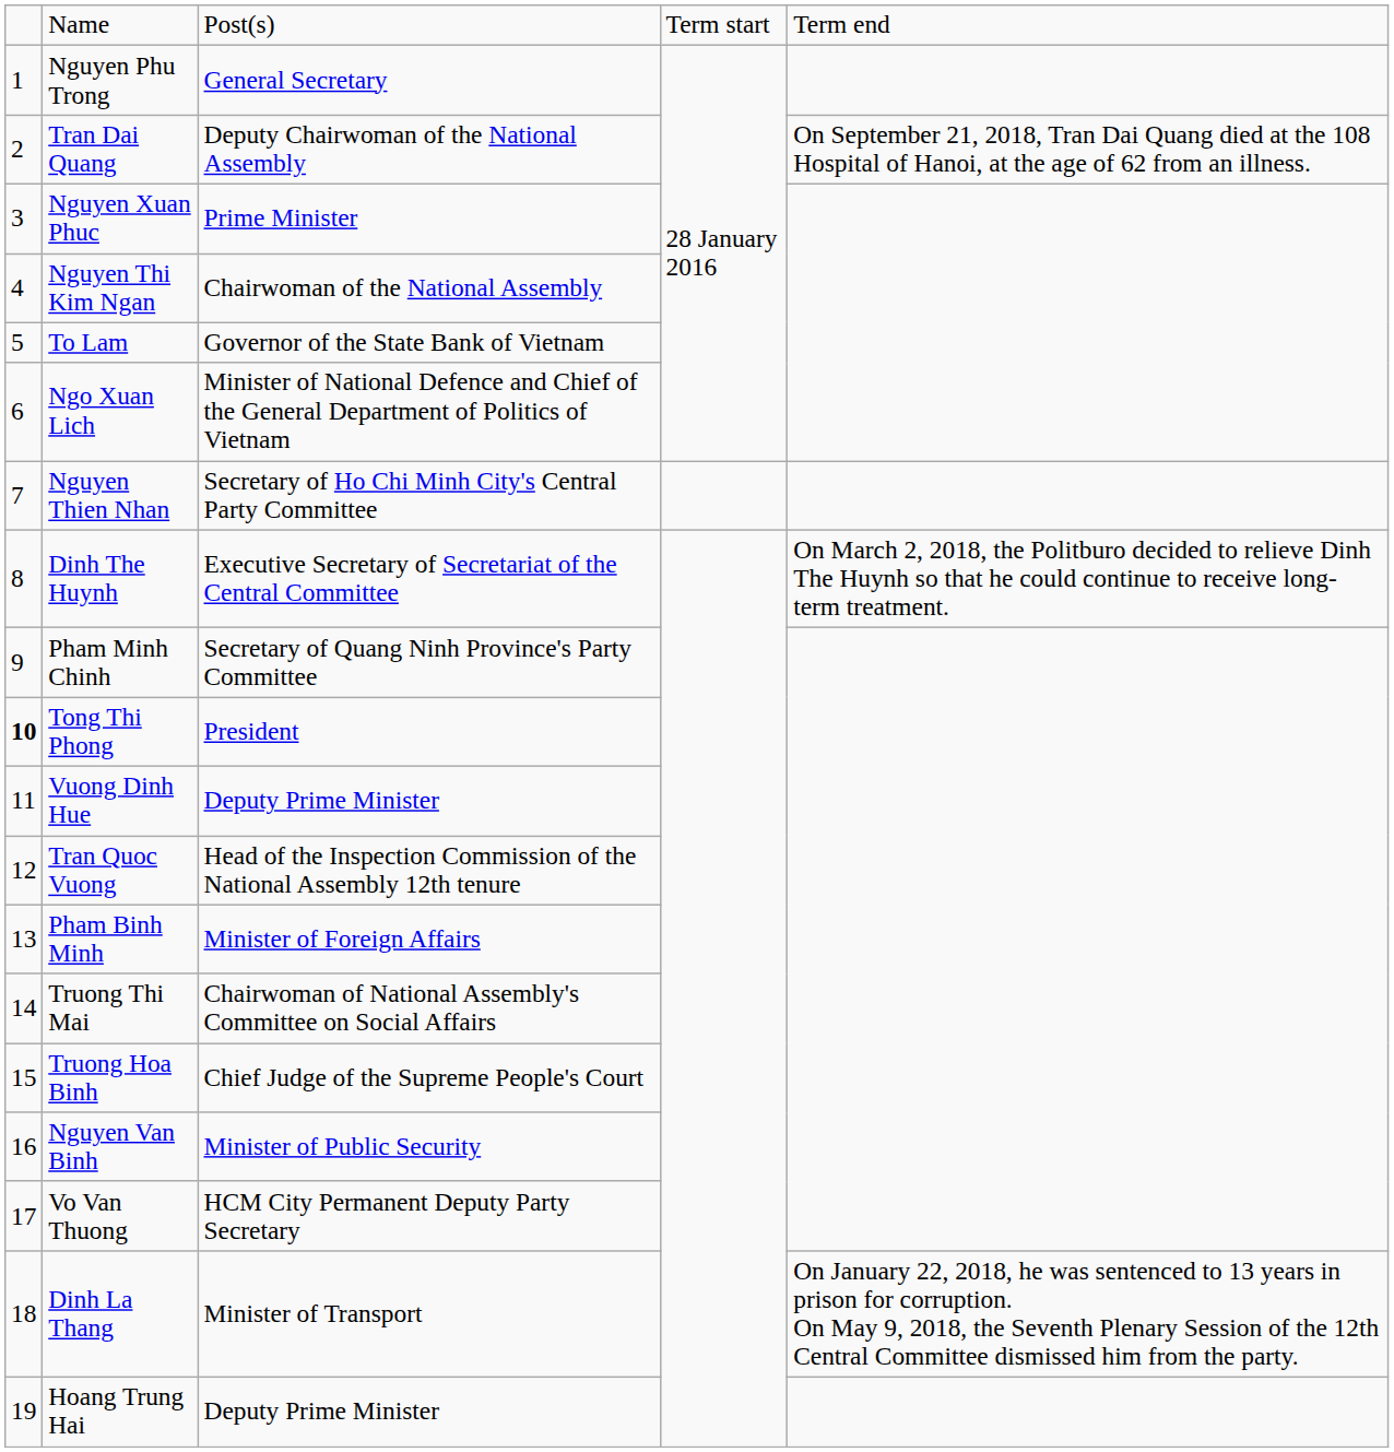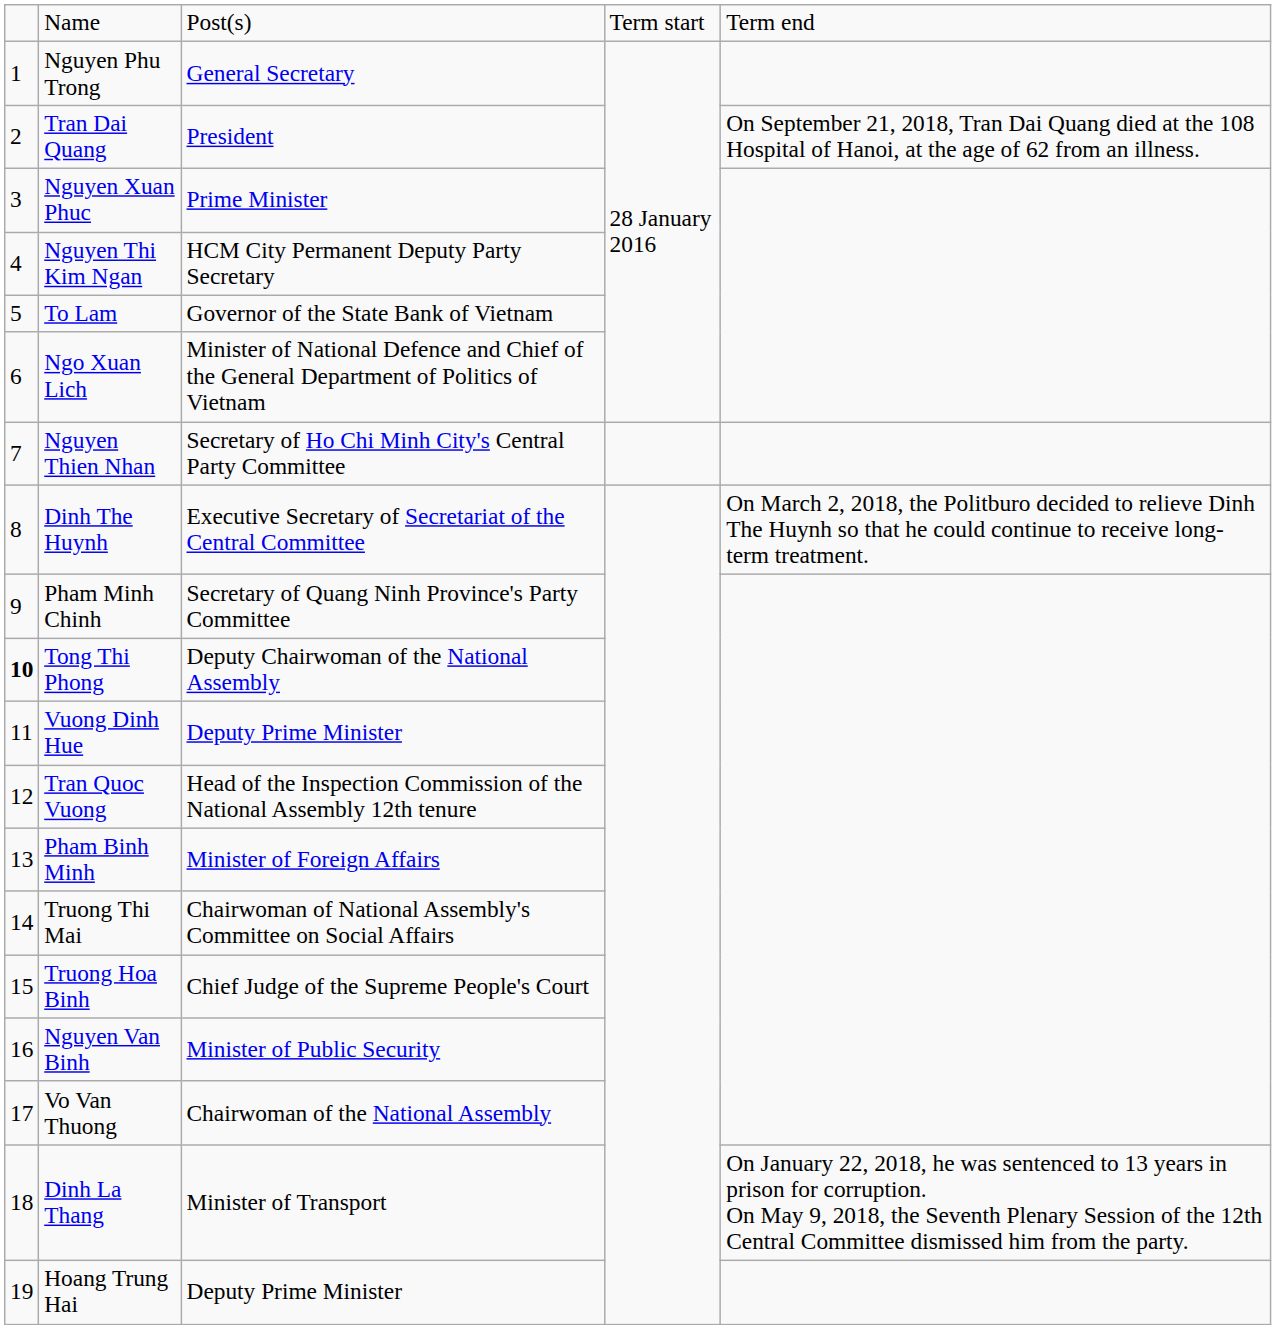 <table class="wikitable">
 <tr>
 <td></td>
 <td>Name</td>
 <td>Post(s)</td>
 <td>Term start</td>
 <td>Term end</td>
 </tr>
 <tr>
 <td>1</td>
 <td>Nguyen Phu Trong</td>
 <td><a href='#'>General Secretary</a></td>
 <td rowspan="6">28 January 2016</td>
 <td></td>
 </tr>
 <tr>
 <td>2</td>
 <td><a href='#'>Tran Dai Quang</a></td>
-<td>Deputy Chairwoman of the <a href='#'>National Assembly</a></td>
+<td><a href='#'>President</a></td>
 <td>On September 21, 2018, Tran Dai Quang died at the 108 Hospital of Hanoi, at the age of 62 from an illness.</td>
 </tr>
 <tr>
 <td>3</td>
 <td><a href='#'>Nguyen Xuan Phuc</a></td>
 <td><a href='#'>Prime Minister</a></td>
 <td rowspan="4"></td>
 </tr>
 <tr>
 <td>4</td>
 <td><a href='#'>Nguyen Thi Kim Ngan</a></td>
-<td>Chairwoman of the <a href='#'>National Assembly</a></td>
+<td>HCM City Permanent Deputy Party Secretary</td>
 </tr>
 <tr>
 <td>5</td>
 <td><a href='#'>To Lam</a></td>
 <td>Governor of the State Bank of Vietnam</td>
 </tr>
 <tr>
 <td>6</td>
 <td><a href='#'>Ngo Xuan Lich</a></td>
 <td>Minister of National Defence and Chief of the General Department of Politics of Vietnam</td>
 </tr>
 <tr>
 <td>7</td>
 <td><a href='#'>Nguyen Thien Nhan</a></td>
 <td>Secretary of <a href='#'>Ho Chi Minh City's</a> Central Party Committee</td>
 <td></td>
 <td></td>
 </tr>
 <tr>
 <td>8</td>
 <td><a href='#'>Dinh The Huynh</a></td>
 <td>Executive Secretary of <a href='#'>Secretariat of the Central Committee</a></td>
 <td rowspan="12"></td>
 <td>On March 2, 2018, the Politburo decided to relieve Dinh The Huynh so that he could continue to receive long-term treatment.</td>
 </tr>
 <tr>
 <td>9</td>
 <td>Pham Minh Chinh</td>
 <td>Secretary of Quang Ninh Province's Party Committee</td>
 <td rowspan="9"></td>
 </tr>
 <tr>
 <td><strong>10</strong></td>
 <td><a href='#'>Tong Thi Phong</a></td>
-<td><a href='#'>President</a></td>
+<td>Deputy Chairwoman of the <a href='#'>National Assembly</a></td>
 </tr>
 <tr>
 <td>11</td>
 <td><a href='#'>Vuong Dinh Hue</a></td>
 <td><a href='#'>Deputy Prime Minister</a></td>
 </tr>
 <tr>
 <td>12</td>
 <td><a href='#'>Tran Quoc Vuong</a></td>
 <td>Head of the Inspection Commission of the National Assembly 12th tenure</td>
 </tr>
 <tr>
 <td>13</td>
 <td><a href='#'>Pham Binh Minh</a></td>
 <td><a href='#'>Minister of Foreign Affairs</a></td>
 </tr>
 <tr>
 <td>14</td>
 <td>Truong Thi Mai</td>
 <td>Chairwoman of National Assembly's Committee on Social Affairs</td>
 </tr>
 <tr>
 <td>15</td>
 <td><a href='#'>Truong Hoa Binh</a></td>
 <td>Chief Judge of the Supreme People's Court</td>
 </tr>
 <tr>
 <td>16</td>
 <td><a href='#'>Nguyen Van Binh</a></td>
 <td><a href='#'>Minister of Public Security</a></td>
 </tr>
 <tr>
 <td>17</td>
 <td>Vo Van Thuong</td>
-<td>HCM City Permanent Deputy Party Secretary</td>
+<td>Chairwoman of the <a href='#'>National Assembly</a></td>
 </tr>
 <tr>
 <td>18</td>
 <td><a href='#'>Dinh La Thang</a></td>
 <td>Minister of Transport</td>
 <td>On January 22, 2018, he was sentenced to 13 years in prison for corruption.<br>On May 9, 2018, the Seventh Plenary Session of the 12th Central Committee dismissed him from the party.</td>
 </tr>
 <tr>
 <td>19</td>
 <td>Hoang Trung Hai</td>
 <td>Deputy Prime Minister</td>
 <td></td>
 </tr>
 </table>
